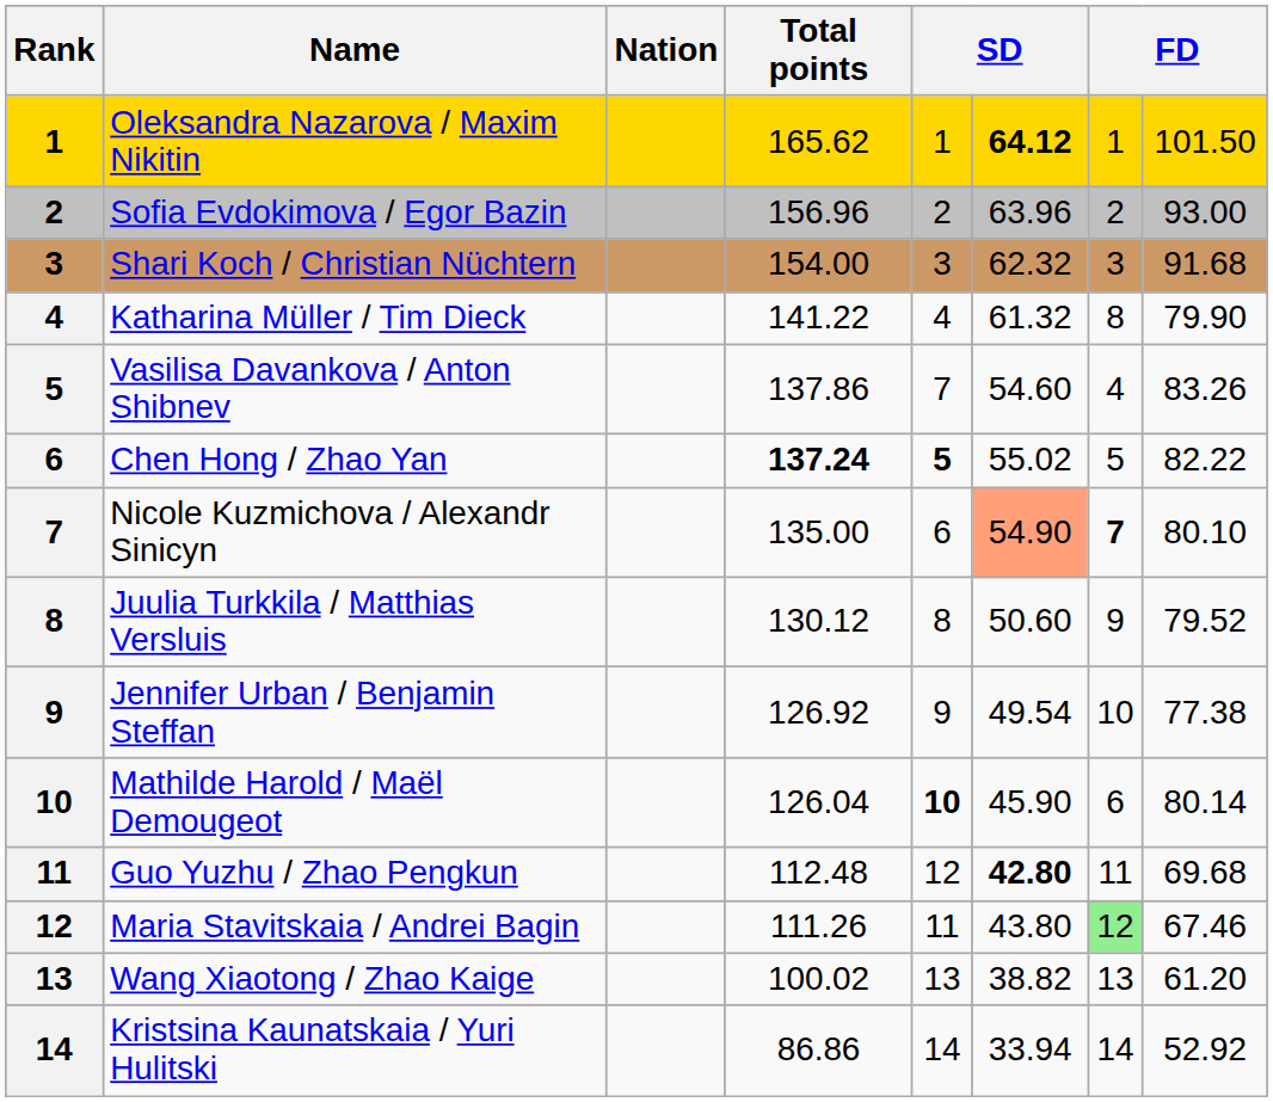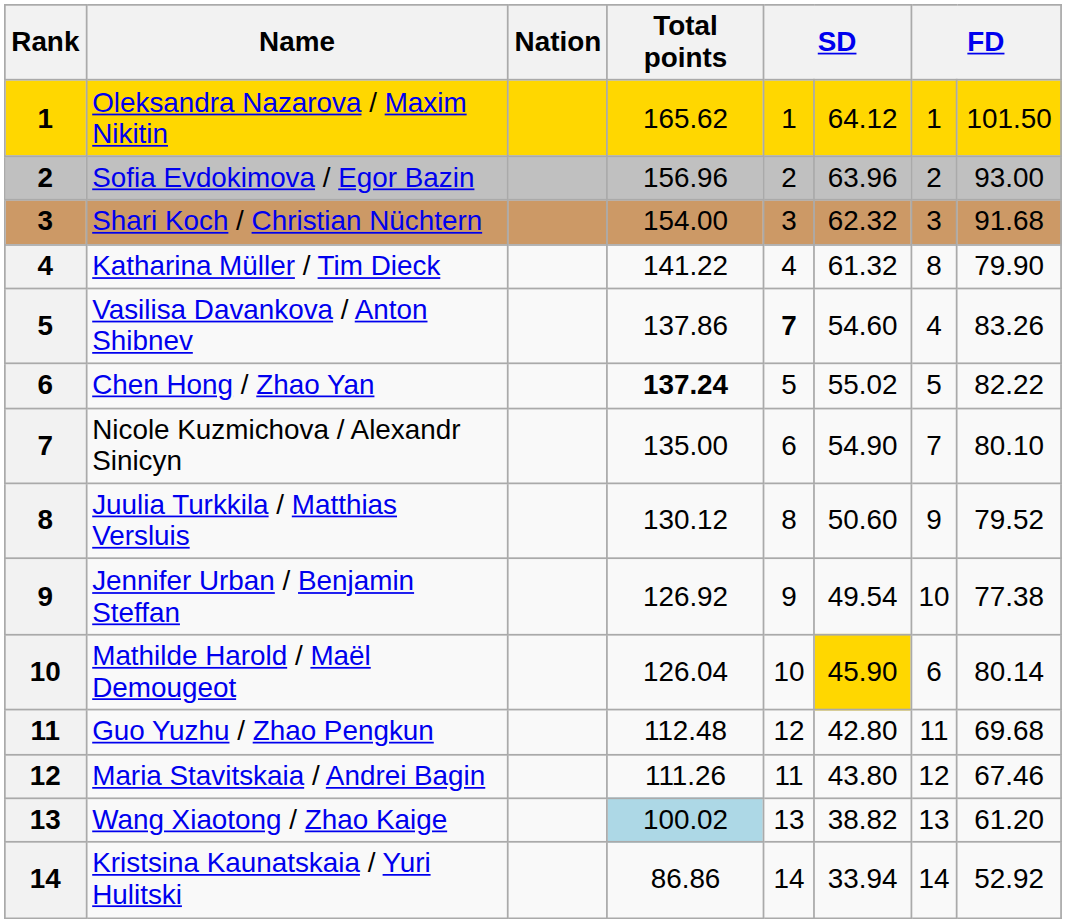 <table class="wikitable sortable">
 <tr>
 <th>Rank</th>
 <th>Name</th>
 <th>Nation</th>
 <th>Total points</th>
 <th colspan="2" width="80px"><a href='#'>SD</a></th>
 <th colspan="2" width="80px"><a href='#'>FD</a></th>
 </tr>
 <tr bgcolor="gold">
 <td align="center"><strong>1</strong></td>
 <td><a href='#'>Oleksandra Nazarova</a> / <a href='#'>Maxim Nikitin</a></td>
 <td></td>
 <td align="center">165.62</td>
 <td align="center">1</td>
-<td align="center"><strong>64.12</strong></td>
+<td align="center">64.12</td>
 <td align="center">1</td>
 <td align="center">101.50</td>
 </tr>
 <tr bgcolor="silver">
 <td align="center"><strong>2</strong></td>
 <td><a href='#'>Sofia Evdokimova</a> / <a href='#'>Egor Bazin</a></td>
 <td></td>
 <td align="center">156.96</td>
 <td align="center">2</td>
 <td align="center">63.96</td>
 <td align="center">2</td>
 <td align="center">93.00</td>
 </tr>
 <tr bgcolor="#cc9966">
 <td align="center"><strong>3</strong></td>
 <td><a href='#'>Shari Koch</a> / <a href='#'>Christian Nüchtern</a></td>
 <td></td>
 <td align="center">154.00</td>
 <td align="center">3</td>
 <td align="center">62.32</td>
 <td align="center">3</td>
 <td align="center">91.68</td>
 </tr>
 <tr>
 <th>4</th>
 <td><a href='#'>Katharina Müller</a> / <a href='#'>Tim Dieck</a></td>
 <td></td>
 <td align="center">141.22</td>
 <td align="center">4</td>
 <td align="center">61.32</td>
 <td align="center">8</td>
 <td align="center">79.90</td>
 </tr>
 <tr>
 <th>5</th>
 <td><a href='#'>Vasilisa Davankova</a> / <a href='#'>Anton Shibnev</a></td>
 <td></td>
 <td align="center">137.86</td>
-<td align="center">7</td>
+<td align="center"><strong>7</strong></td>
 <td align="center">54.60</td>
 <td align="center">4</td>
 <td align="center">83.26</td>
 </tr>
 <tr>
 <th>6</th>
 <td><a href='#'>Chen Hong</a> / <a href='#'>Zhao Yan</a></td>
 <td></td>
 <td align="center"><strong>137.24</strong></td>
-<td align="center"><strong>5</strong></td>
+<td align="center">5</td>
 <td align="center">55.02</td>
 <td align="center">5</td>
 <td align="center">82.22</td>
 </tr>
 <tr>
 <th>7</th>
 <td>Nicole Kuzmichova / Alexandr Sinicyn</td>
 <td></td>
 <td align="center">135.00</td>
 <td align="center">6</td>
-<td align="center" style="background: lightsalmon;">54.90</td>
-<td align="center"><strong>7</strong></td>
+<td align="center">54.90</td>
+<td align="center">7</td>
 <td align="center">80.10</td>
 </tr>
 <tr>
 <th>8</th>
 <td><a href='#'>Juulia Turkkila</a> / <a href='#'>Matthias Versluis</a></td>
 <td></td>
 <td align="center">130.12</td>
 <td align="center">8</td>
 <td align="center">50.60</td>
 <td align="center">9</td>
 <td align="center">79.52</td>
 </tr>
 <tr>
 <th>9</th>
 <td><a href='#'>Jennifer Urban</a> / <a href='#'>Benjamin Steffan</a></td>
 <td></td>
 <td align="center">126.92</td>
 <td align="center">9</td>
 <td align="center">49.54</td>
 <td align="center">10</td>
 <td align="center">77.38</td>
 </tr>
 <tr>
 <th>10</th>
 <td><a href='#'>Mathilde Harold</a> / <a href='#'>Maël Demougeot</a></td>
 <td></td>
 <td align="center">126.04</td>
-<td align="center"><strong>10</strong></td>
-<td align="center">45.90</td>
+<td align="center">10</td>
+<td align="center" style="background: gold;">45.90</td>
 <td align="center">6</td>
 <td align="center">80.14</td>
 </tr>
 <tr>
 <th>11</th>
 <td><a href='#'>Guo Yuzhu</a> / <a href='#'>Zhao Pengkun</a></td>
 <td></td>
 <td align="center">112.48</td>
 <td align="center">12</td>
-<td align="center"><strong>42.80</strong></td>
+<td align="center">42.80</td>
 <td align="center">11</td>
 <td align="center">69.68</td>
 </tr>
 <tr>
 <th>12</th>
 <td><a href='#'>Maria Stavitskaia</a> / <a href='#'>Andrei Bagin</a></td>
 <td></td>
 <td align="center">111.26</td>
 <td align="center">11</td>
 <td align="center">43.80</td>
-<td align="center" style="background: lightgreen;">12</td>
+<td align="center">12</td>
 <td align="center">67.46</td>
 </tr>
 <tr>
 <th>13</th>
 <td><a href='#'>Wang Xiaotong</a> / <a href='#'>Zhao Kaige</a></td>
 <td></td>
-<td align="center">100.02</td>
+<td align="center" style="background: lightblue;">100.02</td>
 <td align="center">13</td>
 <td align="center">38.82</td>
 <td align="center">13</td>
 <td align="center">61.20</td>
 </tr>
 <tr>
 <th>14</th>
 <td><a href='#'>Kristsina Kaunatskaia</a> / <a href='#'>Yuri Hulitski</a></td>
 <td></td>
 <td align="center">86.86</td>
 <td align="center">14</td>
 <td align="center">33.94</td>
 <td align="center">14</td>
 <td align="center">52.92</td>
 </tr>
 </table>
